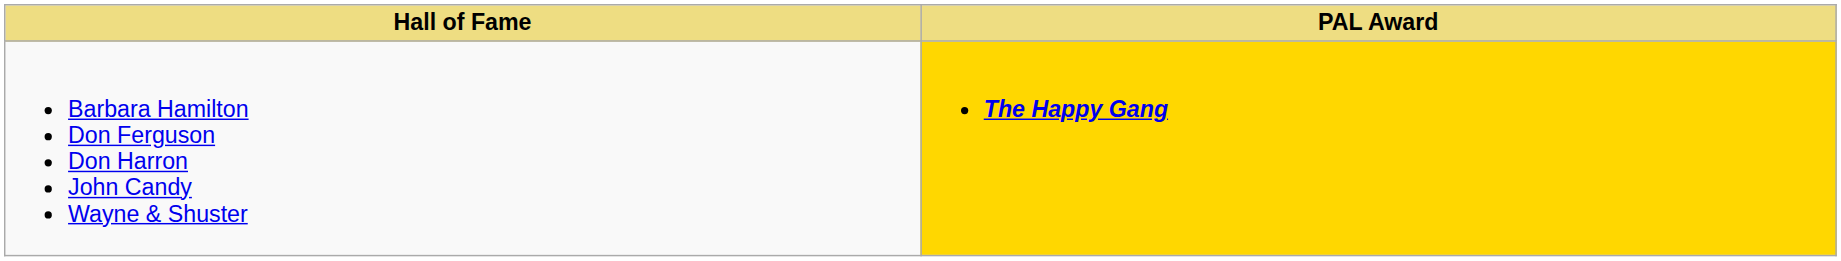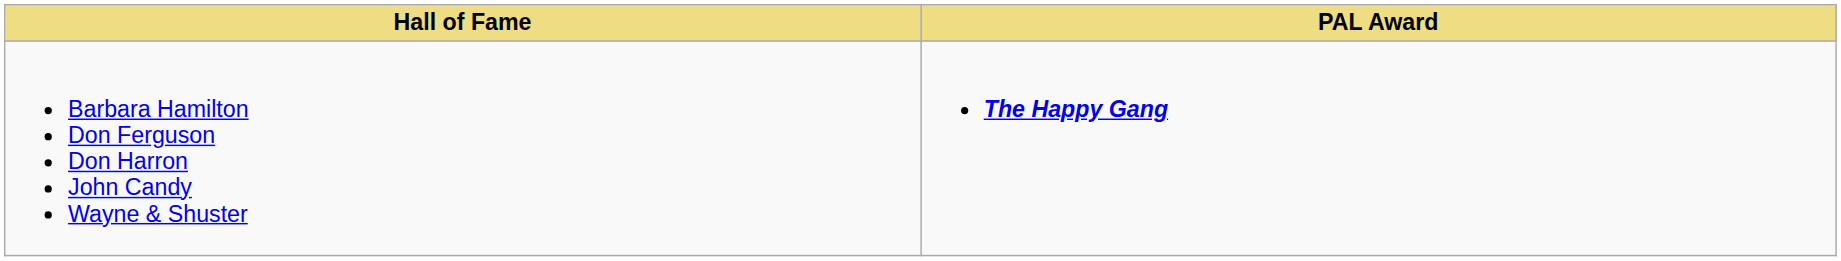 <table class="wikitable" style="width:100%;">
 <tr>
 <th style="background:#EEDD82; width:50%">Hall of Fame</th>
 <th style="background:#EEDD82; width:50%">PAL Award</th>
 </tr>
 <tr>
 <td valign="top"><br><ul><li> <a href='#'>Barbara Hamilton</a></li><li> <a href='#'>Don Ferguson</a></li><li> <a href='#'>Don Harron</a></li><li> <a href='#'>John Candy</a></li><li> <a href='#'>Wayne & Shuster</a></li></ul></td>
-<td valign="top" style="background: gold;"><br><ul><li> <strong><em><a href='#'>The Happy Gang</a></em></strong></li></ul></td>
+<td valign="top"><br><ul><li> <strong><em><a href='#'>The Happy Gang</a></em></strong></li></ul></td>
 </tr>
 </table>
